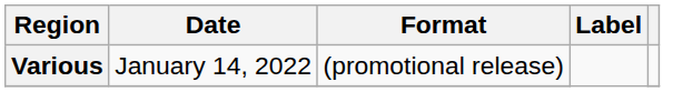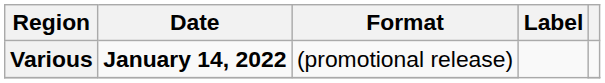 <table class="wikitable plainrowheaders">
 <tr>
 <th scope="col">Region</th>
 <th scope="col">Date</th>
 <th scope="col">Format</th>
 <th scope="col">Label</th>
 <th scope="col"></th>
 </tr>
 <tr>
 <th scope="row">Various</th>
-<td>January 14, 2022</td>
+<td><strong>January 14, 2022</strong></td>
 <td>(promotional release)</td>
 <td rowspan="2"></td>
 <td align="center"></td>
 </tr>
 <tr>
 </tr>
 </table>
